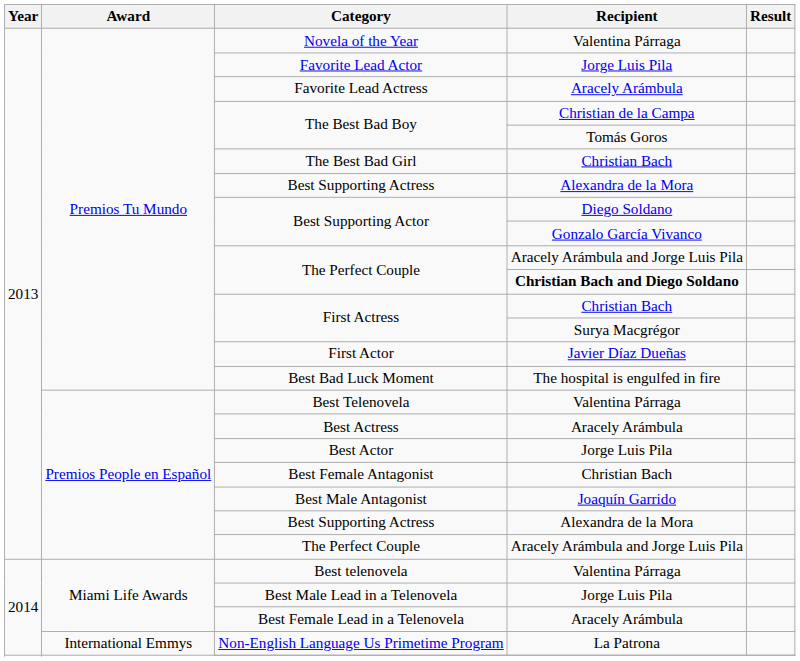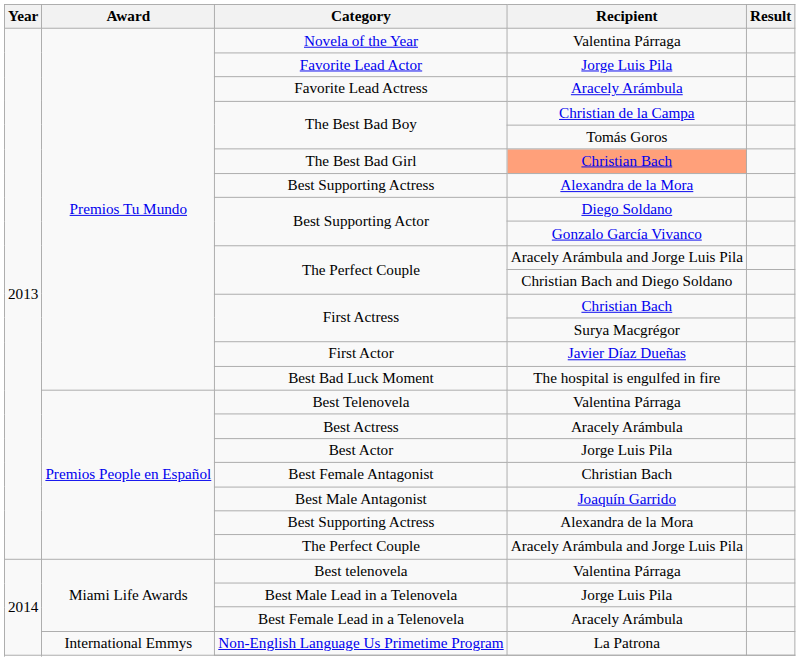 <table class="wikitable plainrowheaders" style="text-align:center;">
 <tr>
 <th scope="col">Year</th>
 <th scope="col">Award</th>
 <th scope="col">Category</th>
 <th scope="col">Recipient</th>
 <th scope="col">Result</th>
 </tr>
 <tr>
 <td rowspan=22>2013</td>
 <td rowspan=15><a href='#'>Premios Tu Mundo</a></td>
 <td><a href='#'>Novela of the Year</a></td>
 <td>Valentina Párraga</td>
 <td></td>
 </tr>
 <tr>
 <td><a href='#'>Favorite Lead Actor</a></td>
 <td><a href='#'>Jorge Luis Pila</a></td>
 <td></td>
 </tr>
 <tr>
 <td>Favorite Lead Actress</td>
 <td><a href='#'>Aracely Arámbula</a></td>
 <td></td>
 </tr>
 <tr>
 <td rowspan=2>The Best Bad Boy</td>
 <td><a href='#'>Christian de la Campa</a></td>
 <td></td>
 </tr>
 <tr>
 <td>Tomás Goros</td>
 <td></td>
 </tr>
 <tr>
 <td>The Best Bad Girl</td>
-<td><a href='#'>Christian Bach</a></td>
+<td style="background: lightsalmon;"><a href='#'>Christian Bach</a></td>
 <td></td>
 </tr>
 <tr>
 <td>Best Supporting Actress</td>
 <td><a href='#'>Alexandra de la Mora</a></td>
 <td></td>
 </tr>
 <tr>
 <td rowspan=2>Best Supporting Actor</td>
 <td><a href='#'>Diego Soldano</a></td>
 <td></td>
 </tr>
 <tr>
 <td><a href='#'>Gonzalo García Vivanco</a></td>
 <td></td>
 </tr>
 <tr>
 <td rowspan=2>The Perfect Couple</td>
 <td>Aracely Arámbula and Jorge Luis Pila</td>
 <td></td>
 </tr>
 <tr>
-<td><strong>Christian Bach and Diego Soldano</strong></td>
+<td>Christian Bach and Diego Soldano</td>
 <td></td>
 </tr>
 <tr>
 <td rowspan=2>First Actress</td>
 <td><a href='#'>Christian Bach</a></td>
 <td></td>
 </tr>
 <tr>
 <td>Surya Macgrégor</td>
 <td></td>
 </tr>
 <tr>
 <td>First Actor</td>
 <td><a href='#'>Javier Díaz Dueñas</a></td>
 <td></td>
 </tr>
 <tr>
 <td>Best Bad Luck Moment</td>
 <td>The hospital is engulfed in fire</td>
 <td></td>
 </tr>
 <tr>
 <td rowspan=7><a href='#'>Premios People en Español</a></td>
 <td>Best Telenovela</td>
 <td>Valentina Párraga</td>
 <td></td>
 </tr>
 <tr>
 <td>Best Actress</td>
 <td>Aracely Arámbula</td>
 <td></td>
 </tr>
 <tr>
 <td>Best Actor</td>
 <td>Jorge Luis Pila</td>
 <td></td>
 </tr>
 <tr>
 <td>Best Female Antagonist</td>
 <td>Christian Bach</td>
 <td></td>
 </tr>
 <tr>
 <td>Best Male Antagonist</td>
 <td><a href='#'>Joaquín Garrido</a></td>
 <td></td>
 </tr>
 <tr>
 <td>Best Supporting Actress</td>
 <td>Alexandra de la Mora</td>
 <td></td>
 </tr>
 <tr>
 <td>The Perfect Couple</td>
 <td>Aracely Arámbula and Jorge Luis Pila</td>
 <td></td>
 </tr>
 <tr>
 <td rowspan=8>2014</td>
 <td rowspan=3>Miami Life Awards</td>
 <td>Best telenovela</td>
 <td>Valentina Párraga</td>
 <td></td>
 </tr>
 <tr>
 <td>Best Male Lead in a Telenovela</td>
 <td>Jorge Luis Pila</td>
 <td></td>
 </tr>
 <tr>
 <td>Best Female Lead in a Telenovela</td>
 <td>Aracely Arámbula</td>
 <td></td>
 </tr>
 <tr>
 <td rowspan=6>International Emmys</td>
 <td><a href='#'>Non-English Language Us Primetime Program</a></td>
 <td>La Patrona</td>
 <td></td>
 </tr>
 <tr>
 </tr>
 </table>
